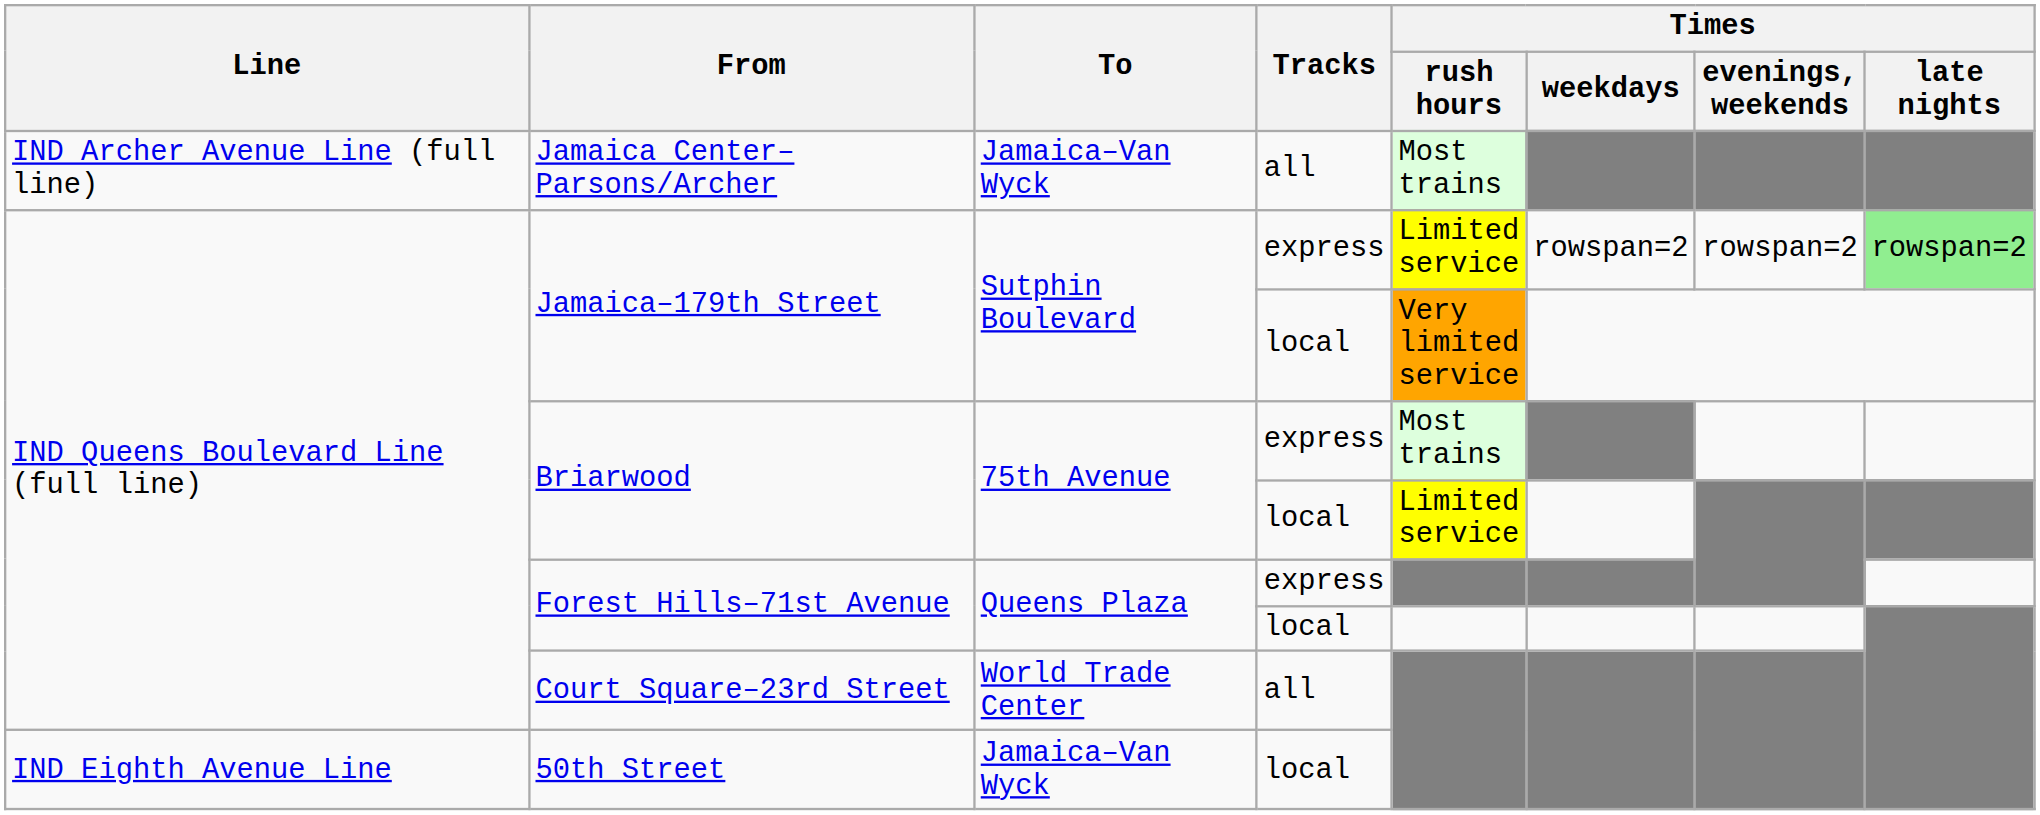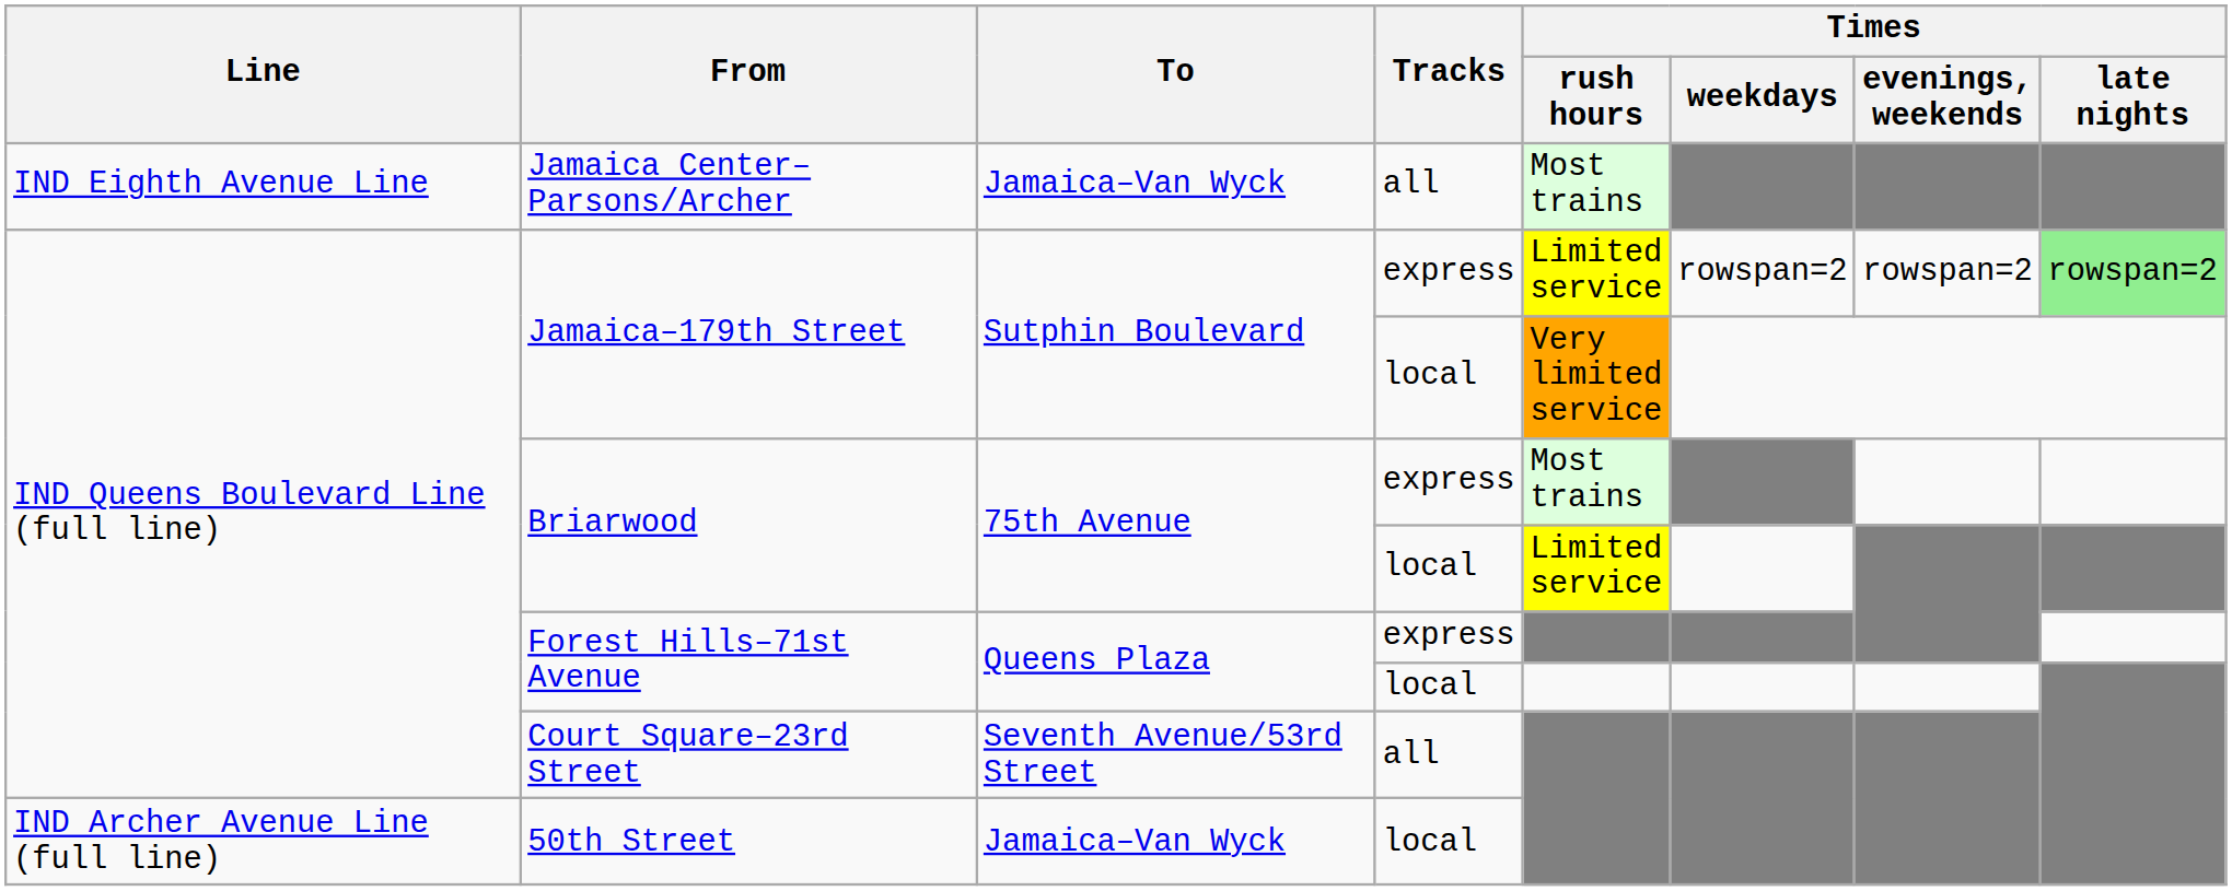 <table class="wikitable collapsible" style="font-size:95%">
 <tr>
 <th rowspan=2>Line</th>
 <th rowspan=2>From</th>
 <th rowspan=2>To</th>
 <th rowspan=2>Tracks</th>
 <th colspan=4>Times</th>
 </tr>
 <tr>
 <th width=40 align=center>rush hours</th>
 <th width=40 align=center>week­days</th>
 <th width=40 align=center>evenings, week­ends</th>
 <th width=40 align=center>late nights</th>
 </tr>
 <tr>
-<td><a href='#'>IND Archer Avenue Line</a> (full line)</td>
+<td><a href='#'>IND Eighth Avenue Line</a></td>
 <td><a href='#'>Jamaica Center–Parsons/Archer</a></td>
 <td><a href='#'>Jamaica–Van Wyck</a></td>
 <td>all</td>
 <td style="background:#ddffdd;">Most trains</td>
 <td style="background: gray"> </td>
 <td style="background: gray"> </td>
 <td style="background: gray"> </td>
 </tr>
 <tr>
 <td rowspan=7><a href='#'>IND Queens Boulevard Line</a> (full line)</td>
 <td rowspan=2><a href='#'>Jamaica–179th Street</a></td>
 <td rowspan=2><a href='#'>Sutphin Boulevard</a></td>
 <td>express</td>
 <td style="background: yellow">Limited service</td>
 <td>rowspan=2 </td>
 <td>rowspan=2 </td>
 <td style="background: lightgreen;">rowspan=2 </td>
 </tr>
 <tr>
 <td>local</td>
 <td style="background: orange">Very limited service</td>
 </tr>
 <tr>
 <td rowspan=2><a href='#'>Briarwood</a></td>
 <td rowspan=2><a href='#'>75th Avenue</a></td>
 <td>express</td>
 <td style="background:#ddffdd;">Most trains</td>
 <td style="background: gray"> </td>
 <td> </td>
 <td> </td>
 </tr>
 <tr>
 <td>local</td>
 <td style="background: yellow">Limited service</td>
 <td> </td>
 <td rowspan=2 style="background: gray"> </td>
 <td style="background: gray"> </td>
 </tr>
 <tr>
 <td rowspan=2><a href='#'>Forest Hills–71st Avenue</a></td>
 <td rowspan=2><a href='#'>Queens Plaza</a></td>
 <td>express</td>
 <td style="background: gray"> </td>
 <td style="background: gray"> </td>
 <td> </td>
 </tr>
 <tr>
 <td>local</td>
 <td> </td>
 <td> </td>
 <td> </td>
 <td rowspan=3 style="background: gray"> </td>
 </tr>
 <tr>
 <td><a href='#'>Court Square–23rd Street</a></td>
-<td><a href='#'>World Trade Center</a></td>
+<td><a href='#'>Seventh Avenue/53rd Street</a></td>
 <td>all</td>
 <td rowspan=2 style="background: gray"> </td>
 <td rowspan=2 style="background: gray"> </td>
 <td rowspan=2 style="background: gray"> </td>
 </tr>
 <tr>
-<td><a href='#'>IND Eighth Avenue Line</a></td>
+<td><a href='#'>IND Archer Avenue Line</a> (full line)</td>
 <td><a href='#'>50th Street</a></td>
 <td><a href='#'>Jamaica–Van Wyck</a></td>
 <td>local</td>
 </tr>
 </table>
